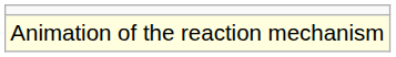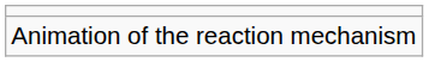 <table class="wikitable">
 <tr>
 <td></td>
 </tr>
 <tr>
-<td style="background: lightyellow;">Animation of the reaction mechanism</td>
+<td>Animation of the reaction mechanism</td>
 </tr>
 </table>
